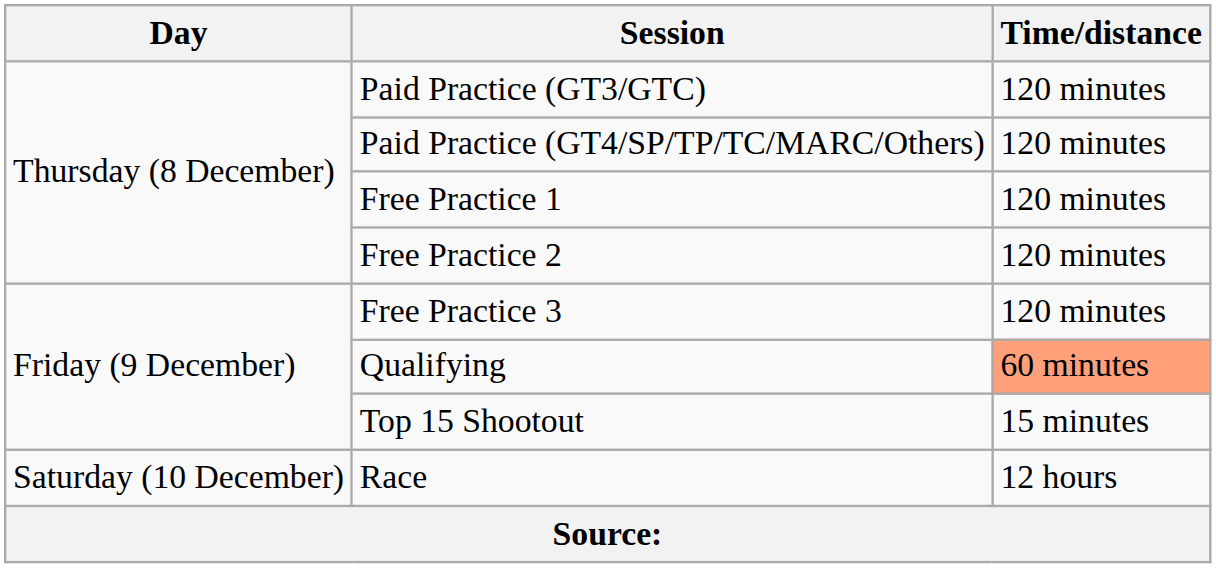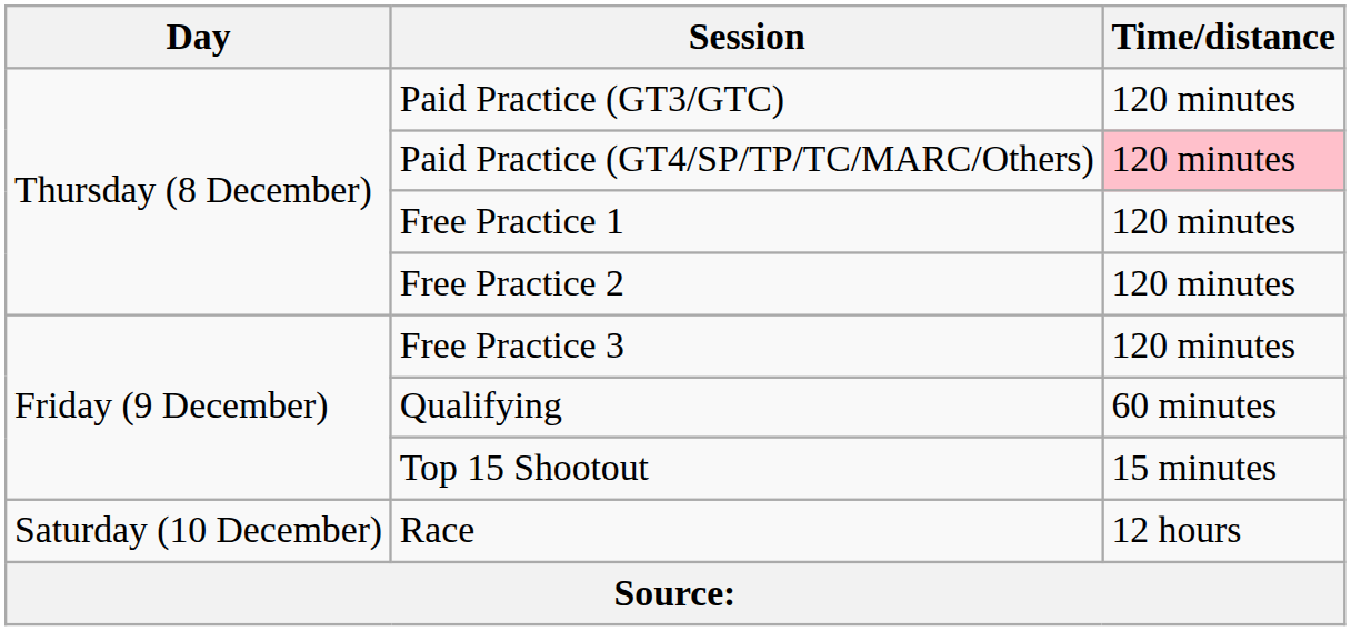 <table class="wikitable" style="font-size: 90%;">
 <tr>
 <th>Day</th>
 <th>Session</th>
 <th>Time/distance</th>
 </tr>
 <tr>
 <td rowspan=4>Thursday (8 December)</td>
 <td>Paid Practice (GT3/GTC)</td>
 <td>120 minutes</td>
 </tr>
 <tr>
 <td>Paid Practice (GT4/SP/TP/TC/MARC/Others)</td>
-<td>120 minutes</td>
+<td style="background: pink;">120 minutes</td>
 </tr>
 <tr>
 <td>Free Practice 1</td>
 <td>120 minutes</td>
 </tr>
 <tr>
 <td>Free Practice 2</td>
 <td>120 minutes</td>
 </tr>
 <tr>
 <td rowspan=3>Friday (9 December)</td>
 <td>Free Practice 3</td>
 <td>120 minutes</td>
 </tr>
 <tr>
 <td>Qualifying</td>
-<td style="background: lightsalmon;">60 minutes</td>
+<td>60 minutes</td>
 </tr>
 <tr>
 <td>Top 15 Shootout</td>
 <td>15 minutes</td>
 </tr>
 <tr>
 <td>Saturday (10 December)</td>
 <td>Race</td>
 <td>12 hours</td>
 </tr>
 <tr>
 <th colspan=3>Source:</th>
 </tr>
 </table>
